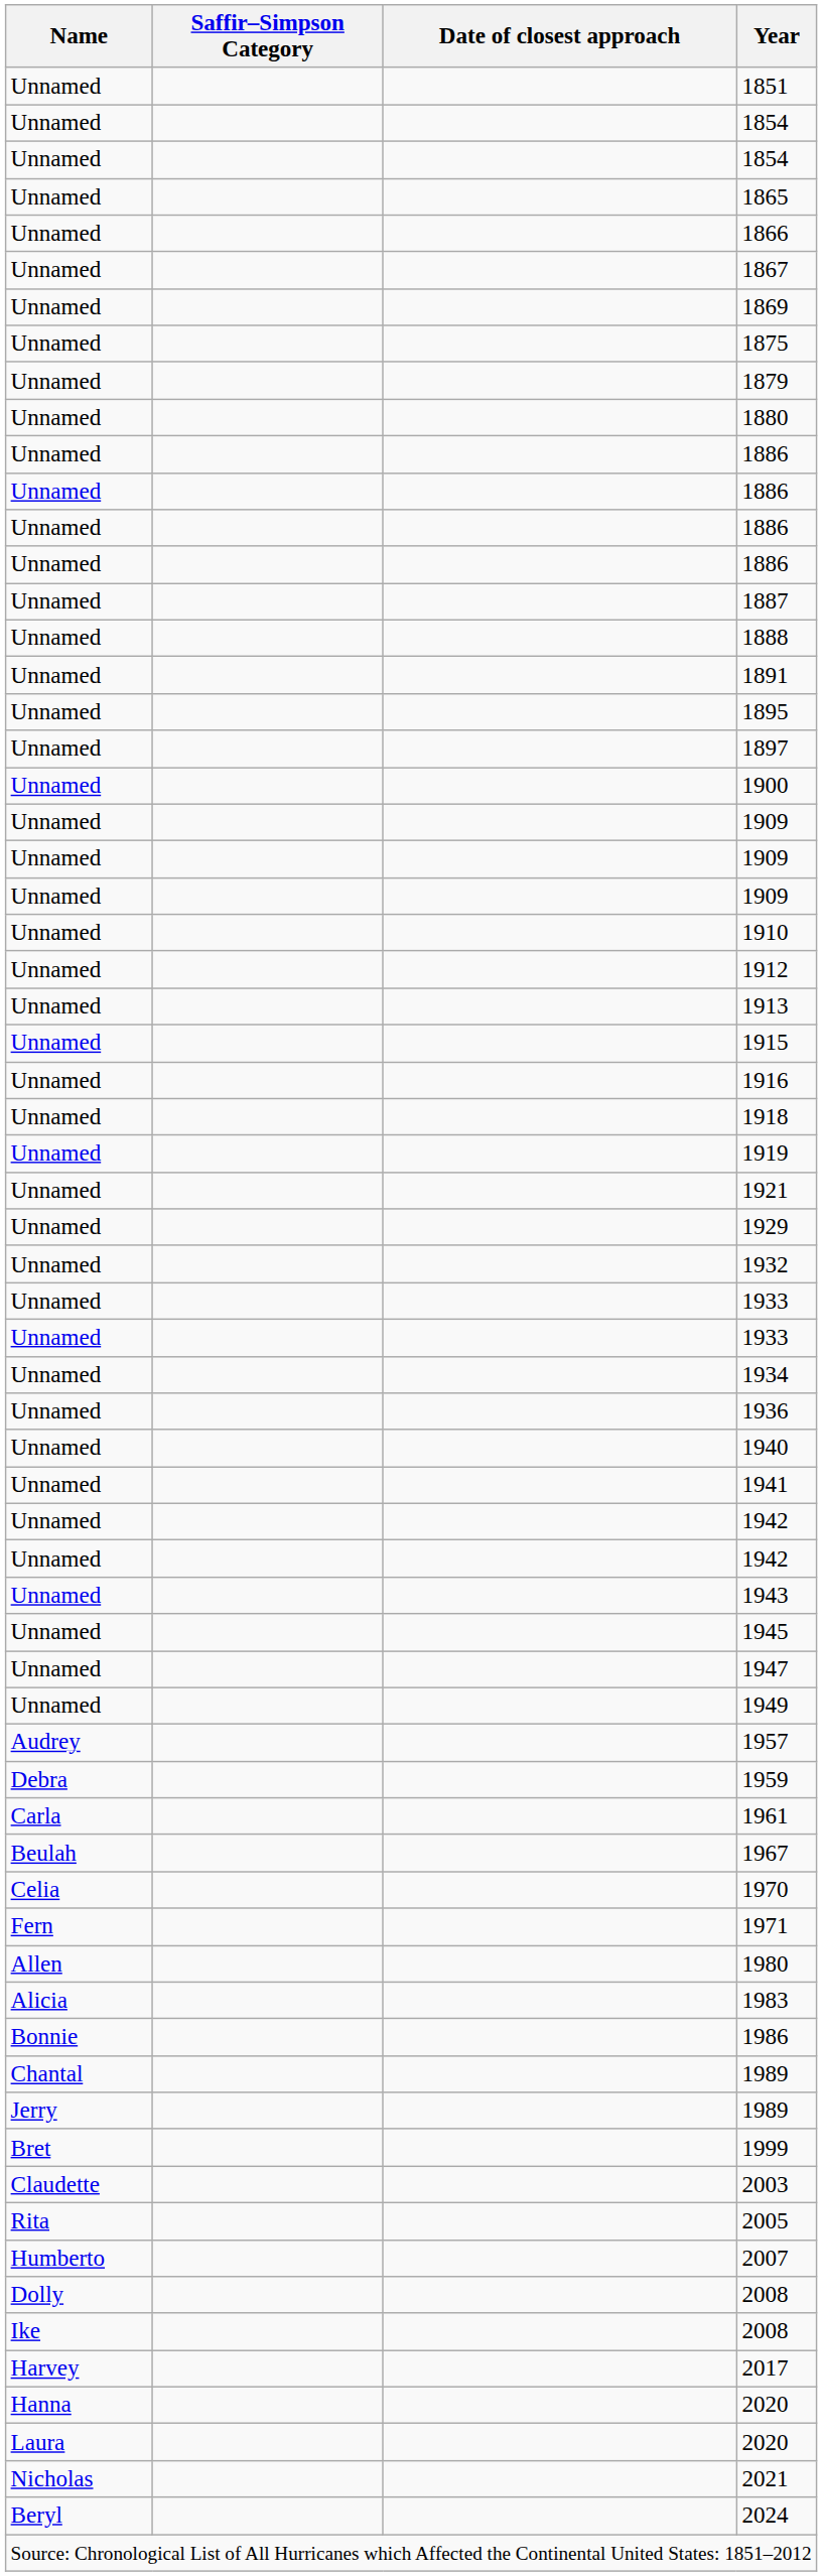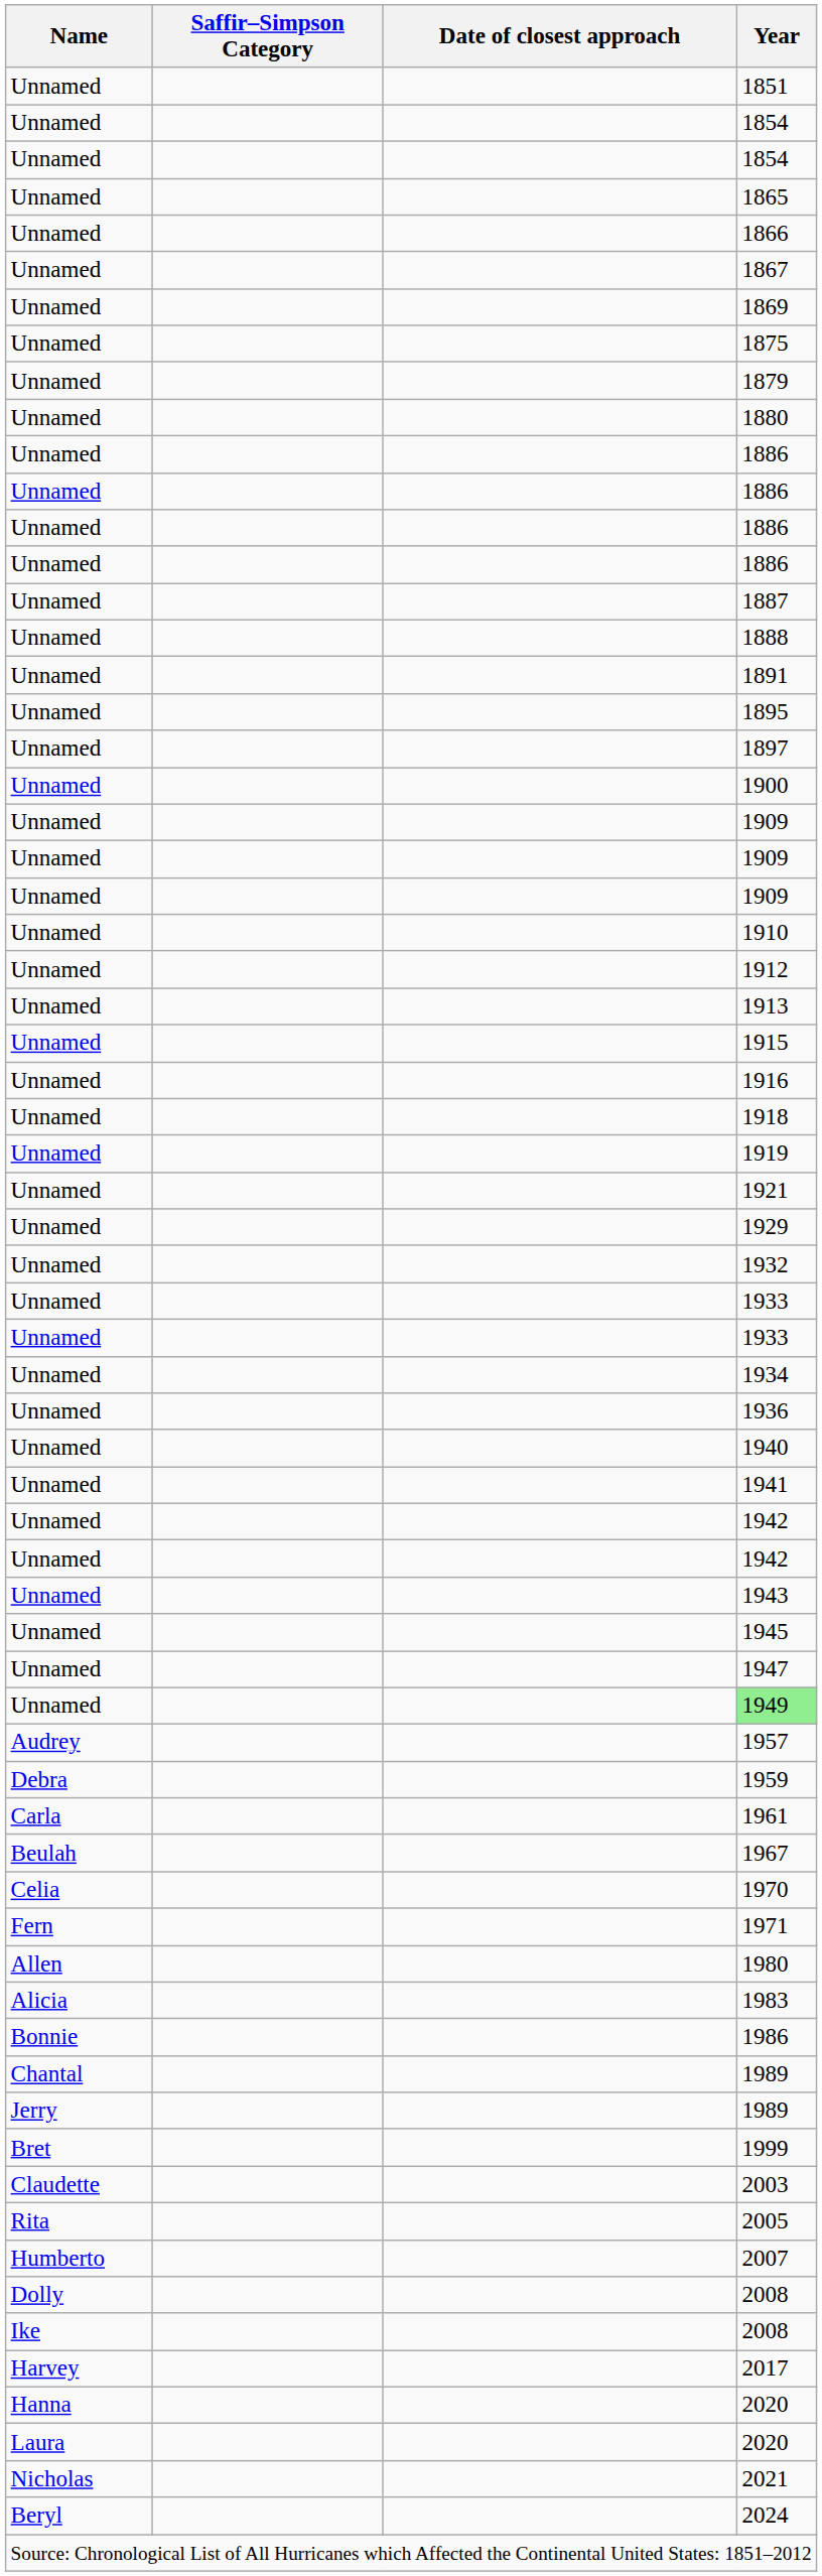 <table class = "wikitable" style="margin:1em auto;">
 <tr>
 <th>Name</th>
 <th><a href='#'>Saffir–Simpson</a><br>Category</th>
 <th>Date of closest approach</th>
 <th>Year</th>
 </tr>
 <tr>
 <td>Unnamed</td>
 <td></td>
 <td></td>
 <td>1851</td>
 </tr>
 <tr>
 <td>Unnamed</td>
 <td></td>
 <td></td>
 <td>1854</td>
 </tr>
 <tr>
 <td>Unnamed</td>
 <td></td>
 <td></td>
 <td>1854</td>
 </tr>
 <tr>
 <td>Unnamed</td>
 <td></td>
 <td></td>
 <td>1865</td>
 </tr>
 <tr>
 <td>Unnamed</td>
 <td></td>
 <td></td>
 <td>1866</td>
 </tr>
 <tr>
 <td>Unnamed</td>
 <td></td>
 <td></td>
 <td>1867</td>
 </tr>
 <tr>
 <td>Unnamed</td>
 <td></td>
 <td></td>
 <td>1869</td>
 </tr>
 <tr>
 <td>Unnamed</td>
 <td></td>
 <td></td>
 <td>1875</td>
 </tr>
 <tr>
 <td>Unnamed</td>
 <td></td>
 <td></td>
 <td>1879</td>
 </tr>
 <tr>
 <td>Unnamed</td>
 <td></td>
 <td></td>
 <td>1880</td>
 </tr>
 <tr>
 <td>Unnamed</td>
 <td></td>
 <td></td>
 <td>1886</td>
 </tr>
 <tr>
 <td><a href='#'>Unnamed</a></td>
 <td></td>
 <td></td>
 <td>1886</td>
 </tr>
 <tr>
 <td>Unnamed</td>
 <td></td>
 <td></td>
 <td>1886</td>
 </tr>
 <tr>
 <td>Unnamed</td>
 <td></td>
 <td></td>
 <td>1886</td>
 </tr>
 <tr>
 <td>Unnamed</td>
 <td></td>
 <td></td>
 <td>1887</td>
 </tr>
 <tr>
 <td>Unnamed</td>
 <td></td>
 <td></td>
 <td>1888</td>
 </tr>
 <tr>
 <td>Unnamed</td>
 <td></td>
 <td></td>
 <td>1891</td>
 </tr>
 <tr>
 <td>Unnamed</td>
 <td></td>
 <td></td>
 <td>1895</td>
 </tr>
 <tr>
 <td>Unnamed</td>
 <td></td>
 <td></td>
 <td>1897</td>
 </tr>
 <tr>
 <td><a href='#'>Unnamed</a></td>
 <td></td>
 <td></td>
 <td>1900</td>
 </tr>
 <tr>
 <td>Unnamed</td>
 <td></td>
 <td></td>
 <td>1909</td>
 </tr>
 <tr>
 <td>Unnamed</td>
 <td></td>
 <td></td>
 <td>1909</td>
 </tr>
 <tr>
 <td>Unnamed</td>
 <td></td>
 <td></td>
 <td>1909</td>
 </tr>
 <tr>
 <td>Unnamed</td>
 <td></td>
 <td></td>
 <td>1910</td>
 </tr>
 <tr>
 <td>Unnamed</td>
 <td></td>
 <td></td>
 <td>1912</td>
 </tr>
 <tr>
 <td>Unnamed</td>
 <td></td>
 <td></td>
 <td>1913</td>
 </tr>
 <tr>
 <td><a href='#'>Unnamed</a></td>
 <td></td>
 <td></td>
 <td>1915</td>
 </tr>
 <tr>
 <td>Unnamed</td>
 <td></td>
 <td></td>
 <td>1916</td>
 </tr>
 <tr>
 <td>Unnamed</td>
 <td></td>
 <td></td>
 <td>1918</td>
 </tr>
 <tr>
 <td><a href='#'>Unnamed</a></td>
 <td></td>
 <td></td>
 <td>1919</td>
 </tr>
 <tr>
 <td>Unnamed</td>
 <td></td>
 <td></td>
 <td>1921</td>
 </tr>
 <tr>
 <td>Unnamed</td>
 <td></td>
 <td></td>
 <td>1929</td>
 </tr>
 <tr>
 <td>Unnamed</td>
 <td></td>
 <td></td>
 <td>1932</td>
 </tr>
 <tr>
 <td>Unnamed</td>
 <td></td>
 <td></td>
 <td>1933</td>
 </tr>
 <tr>
 <td><a href='#'>Unnamed</a></td>
 <td></td>
 <td></td>
 <td>1933</td>
 </tr>
 <tr>
 <td>Unnamed</td>
 <td></td>
 <td></td>
 <td>1934</td>
 </tr>
 <tr>
 <td>Unnamed</td>
 <td></td>
 <td></td>
 <td>1936</td>
 </tr>
 <tr>
 <td>Unnamed</td>
 <td></td>
 <td></td>
 <td>1940</td>
 </tr>
 <tr>
 <td>Unnamed</td>
 <td></td>
 <td></td>
 <td>1941</td>
 </tr>
 <tr>
 <td>Unnamed</td>
 <td></td>
 <td></td>
 <td>1942</td>
 </tr>
 <tr>
 <td>Unnamed</td>
 <td></td>
 <td></td>
 <td>1942</td>
 </tr>
 <tr>
 <td><a href='#'>Unnamed</a></td>
 <td></td>
 <td></td>
 <td>1943</td>
 </tr>
 <tr>
 <td>Unnamed</td>
 <td></td>
 <td></td>
 <td>1945</td>
 </tr>
 <tr>
 <td>Unnamed</td>
 <td></td>
 <td></td>
 <td>1947</td>
 </tr>
 <tr>
 <td>Unnamed</td>
 <td></td>
 <td></td>
-<td>1949</td>
+<td style="background: lightgreen;">1949</td>
 </tr>
 <tr>
 <td><a href='#'>Audrey</a></td>
 <td></td>
 <td></td>
 <td>1957</td>
 </tr>
 <tr>
 <td><a href='#'>Debra</a></td>
 <td></td>
 <td></td>
 <td>1959</td>
 </tr>
 <tr>
 <td><a href='#'>Carla</a></td>
 <td></td>
 <td></td>
 <td>1961</td>
 </tr>
 <tr>
 <td><a href='#'>Beulah</a></td>
 <td></td>
 <td></td>
 <td>1967</td>
 </tr>
 <tr>
 <td><a href='#'>Celia</a></td>
 <td></td>
 <td></td>
 <td>1970</td>
 </tr>
 <tr>
 <td><a href='#'>Fern</a></td>
 <td></td>
 <td></td>
 <td>1971</td>
 </tr>
 <tr>
 <td><a href='#'>Allen</a></td>
 <td></td>
 <td></td>
 <td>1980</td>
 </tr>
 <tr>
 <td><a href='#'>Alicia</a></td>
 <td></td>
 <td></td>
 <td>1983</td>
 </tr>
 <tr>
 <td><a href='#'>Bonnie</a></td>
 <td></td>
 <td></td>
 <td>1986</td>
 </tr>
 <tr>
 <td><a href='#'>Chantal</a></td>
 <td></td>
 <td></td>
 <td>1989</td>
 </tr>
 <tr>
 <td><a href='#'>Jerry</a></td>
 <td></td>
 <td></td>
 <td>1989</td>
 </tr>
 <tr>
 <td><a href='#'>Bret</a></td>
 <td></td>
 <td></td>
 <td>1999</td>
 </tr>
 <tr>
 <td><a href='#'>Claudette</a></td>
 <td></td>
 <td></td>
 <td>2003</td>
 </tr>
 <tr>
 <td><a href='#'>Rita</a></td>
 <td></td>
 <td></td>
 <td>2005</td>
 </tr>
 <tr>
 <td><a href='#'>Humberto</a></td>
 <td></td>
 <td></td>
 <td>2007</td>
 </tr>
 <tr>
 <td><a href='#'>Dolly</a></td>
 <td></td>
 <td></td>
 <td>2008</td>
 </tr>
 <tr>
 <td><a href='#'>Ike</a></td>
 <td></td>
 <td></td>
 <td>2008</td>
 </tr>
 <tr>
 <td><a href='#'>Harvey</a></td>
 <td></td>
 <td></td>
 <td>2017</td>
 </tr>
 <tr>
 <td><a href='#'>Hanna</a></td>
 <td></td>
 <td></td>
 <td>2020</td>
 </tr>
 <tr>
 <td><a href='#'>Laura</a></td>
 <td></td>
 <td></td>
 <td>2020</td>
 </tr>
 <tr>
 <td><a href='#'>Nicholas</a></td>
 <td></td>
 <td></td>
 <td>2021</td>
 </tr>
 <tr>
 <td><a href='#'>Beryl</a></td>
 <td></td>
 <td></td>
 <td>2024</td>
 </tr>
 <tr>
 <td colspan="9"><small>Source: Chronological List of All Hurricanes which Affected the Continental United States: 1851–2012</small></td>
 </tr>
 </table>
